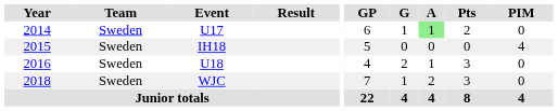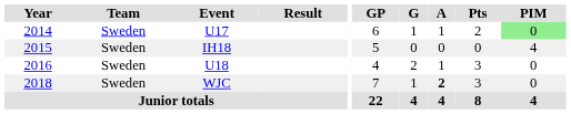 <table border="0" cellpadding="1" cellspacing="0" ID="Table3" style="text-align:center; width:40em">
 <tr ALIGN="center" bgcolor="#e0e0e0">
 <th>Year</th>
 <th>Team</th>
 <th>Event</th>
 <th>Result</th>
 <th rowspan="99" bgcolor="#ffffff"></th>
 <th>GP</th>
 <th>G</th>
 <th>A</th>
 <th>Pts</th>
 <th>PIM</th>
 </tr>
 <tr>
 <td><a href='#'>2014</a></td>
 <td><a href='#'>Sweden</a></td>
 <td><a href='#'>U17</a></td>
 <td></td>
 <td>6</td>
 <td>1</td>
-<td style="background: lightgreen;">1</td>
+<td>1</td>
 <td>2</td>
-<td>0</td>
+<td style="background: lightgreen;">0</td>
 </tr>
 <tr bgcolor="#f0f0f0">
 <td><a href='#'>2015</a></td>
 <td>Sweden</td>
 <td><a href='#'>IH18</a></td>
 <td></td>
 <td>5</td>
 <td>0</td>
 <td>0</td>
 <td>0</td>
 <td>4</td>
 </tr>
 <tr>
 <td><a href='#'>2016</a></td>
 <td>Sweden</td>
 <td><a href='#'>U18</a></td>
 <td></td>
 <td>4</td>
 <td>2</td>
 <td>1</td>
 <td>3</td>
 <td>0</td>
 </tr>
 <tr bgcolor="#f0f0f0">
 <td><a href='#'>2018</a></td>
 <td>Sweden</td>
 <td><a href='#'>WJC</a></td>
 <td></td>
 <td>7</td>
 <td>1</td>
-<td>2</td>
+<td><strong>2</strong></td>
 <td>3</td>
 <td>0</td>
 </tr>
 <tr bgcolor="#e0e0e0">
 <th colspan="4">Junior totals</th>
 <th>22</th>
 <th>4</th>
 <th>4</th>
 <th>8</th>
 <th>4</th>
 </tr>
 </table>
